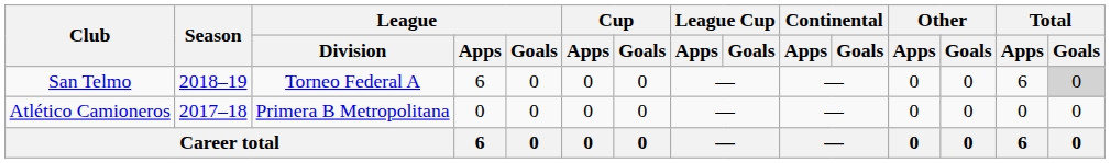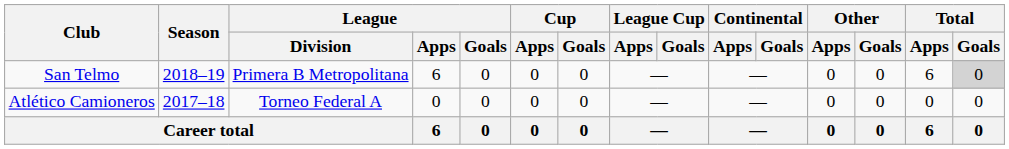 <table class="wikitable" style="text-align:center">
 <tr>
 <th rowspan="2">Club</th>
 <th rowspan="2">Season</th>
 <th colspan="3">League</th>
 <th colspan="2">Cup</th>
 <th colspan="2">League Cup</th>
 <th colspan="2">Continental</th>
 <th colspan="2">Other</th>
 <th colspan="2">Total</th>
 </tr>
 <tr>
 <th>Division</th>
 <th>Apps</th>
 <th>Goals</th>
 <th>Apps</th>
 <th>Goals</th>
 <th>Apps</th>
 <th>Goals</th>
 <th>Apps</th>
 <th>Goals</th>
 <th>Apps</th>
 <th>Goals</th>
 <th>Apps</th>
 <th>Goals</th>
 </tr>
 <tr>
 <td rowspan="1"><a href='#'>San Telmo</a></td>
 <td><a href='#'>2018–19</a></td>
-<td rowspan="1"><a href='#'>Torneo Federal A</a></td>
+<td rowspan="1"><a href='#'>Primera B Metropolitana</a></td>
 <td>6</td>
 <td>0</td>
 <td>0</td>
 <td>0</td>
 <td colspan="2">—</td>
 <td colspan="2">—</td>
 <td>0</td>
 <td>0</td>
 <td>6</td>
 <td style="background: lightgrey;">0</td>
 </tr>
 <tr>
 <td rowspan="1"><a href='#'>Atlético Camioneros</a></td>
 <td><a href='#'>2017–18</a></td>
-<td rowspan="1"><a href='#'>Primera B Metropolitana</a></td>
+<td rowspan="1"><a href='#'>Torneo Federal A</a></td>
 <td>0</td>
 <td>0</td>
 <td>0</td>
 <td>0</td>
 <td colspan="2">—</td>
 <td colspan="2">—</td>
 <td>0</td>
 <td>0</td>
 <td>0</td>
 <td>0</td>
 </tr>
 <tr>
 <th colspan="3">Career total</th>
 <th>6</th>
 <th>0</th>
 <th>0</th>
 <th>0</th>
 <th colspan="2">—</th>
 <th colspan="2">—</th>
 <th>0</th>
 <th>0</th>
 <th>6</th>
 <th>0</th>
 </tr>
 </table>
